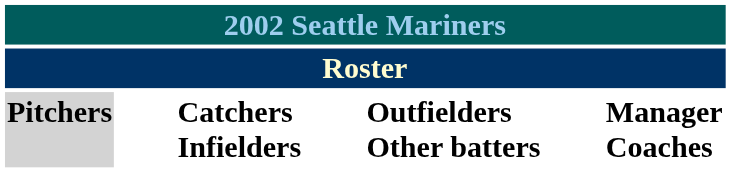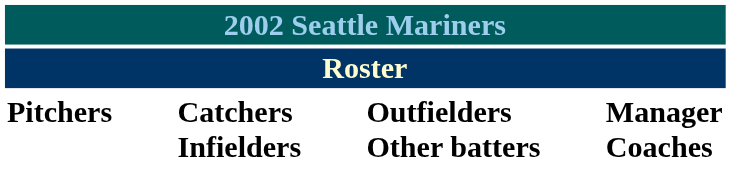 <table class="toccolours" style="font-size: 95%;">
 <tr>
 <th colspan="10" style="background-color: #005c5c; color:#9ECEEE; text-align: center;">2002 Seattle Mariners</th>
 </tr>
 <tr>
 <td colspan="10" style="background-color: #003366; color: #FFFDD0; text-align: center;"><strong>Roster</strong></td>
 </tr>
 <tr>
-<td valign="top" style="background: lightgrey;"><strong>Pitchers</strong><br>                  </td>
+<td valign="top"><strong>Pitchers</strong><br>                  </td>
 <td width="25px"></td>
 <td valign="top"><strong>Catchers</strong><br>   <strong>Infielders</strong>       </td>
 <td width="25px"></td>
 <td valign="top"><strong>Outfielders</strong><br>         <strong>Other batters</strong>  </td>
 <td width="25px"></td>
 <td valign="top"><strong>Manager</strong><br> <strong>Coaches</strong>      </td>
 </tr>
 </table>
